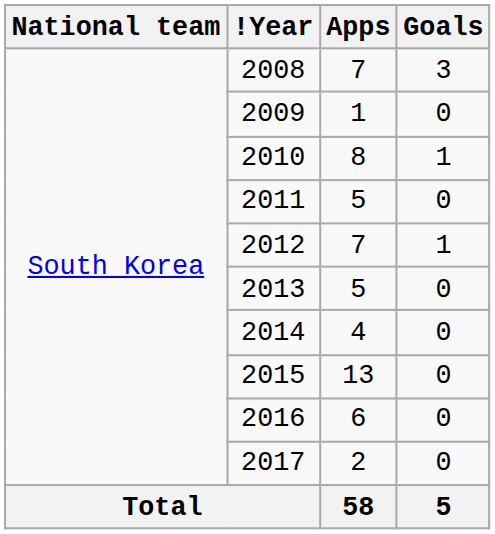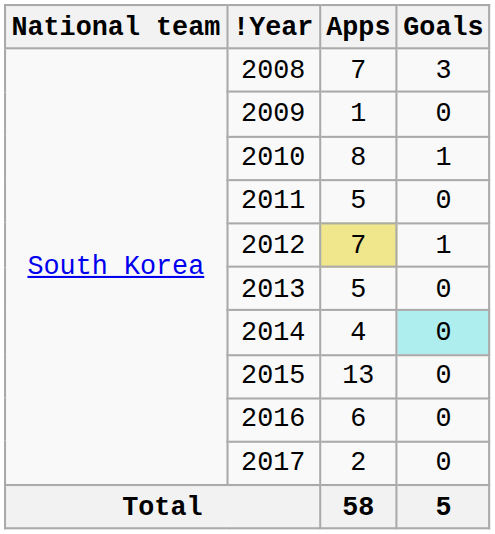 <table class="wikitable" style="text-align:center">
 <tr>
 <th>National team</th>
 <th>!Year</th>
 <th>Apps</th>
 <th>Goals</th>
 </tr>
 <tr>
 <td rowspan=10><a href='#'>South Korea</a></td>
 <td>2008</td>
 <td>7</td>
 <td>3</td>
 </tr>
 <tr>
 <td>2009</td>
 <td>1</td>
 <td>0</td>
 </tr>
 <tr>
 <td>2010</td>
 <td>8</td>
 <td>1</td>
 </tr>
 <tr>
 <td>2011</td>
 <td>5</td>
 <td>0</td>
 </tr>
 <tr>
 <td>2012</td>
-<td>7</td>
+<td style="background: khaki;">7</td>
 <td>1</td>
 </tr>
 <tr>
 <td>2013</td>
 <td>5</td>
 <td>0</td>
 </tr>
 <tr>
 <td>2014</td>
 <td>4</td>
-<td>0</td>
+<td style="background: paleturquoise;">0</td>
 </tr>
 <tr>
 <td>2015</td>
 <td>13</td>
 <td>0</td>
 </tr>
 <tr>
 <td>2016</td>
 <td>6</td>
 <td>0</td>
 </tr>
 <tr>
 <td>2017</td>
 <td>2</td>
 <td>0</td>
 </tr>
 <tr>
 <th colspan="2">Total</th>
 <th>58</th>
 <th>5</th>
 </tr>
 </table>
